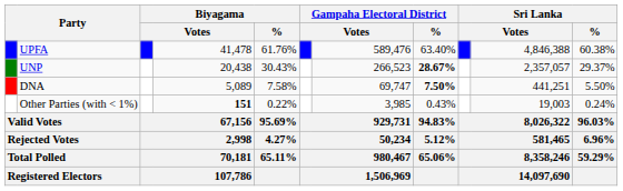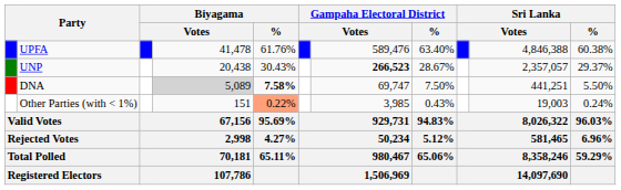 <table class="wikitable">
 <tr>
 <th colspan="2" width="144px"rowspan="2">Party</th>
 <th colspan="3" width="216px">Biyagama</th>
 <th colspan="3" width="216px"><a href='#'>Gampaha Electoral District</a></th>
 <th colspan="3" width="216px">Sri Lanka</th>
 </tr>
 <tr>
 <th colspan="2" width="144px">Votes</th>
 <th>%</th>
 <th colspan="2" width="144px">Votes</th>
 <th>%</th>
 <th colspan="2" width="144px">Votes</th>
 <th>%</th>
 </tr>
 <tr>
 <td style="background-color:blue;" width="10px"></td>
 <td style="text-align:left;"><a href='#'>UPFA</a></td>
 <td style="background-color:blue;" width="10px"></td>
 <td style="text-align:right;">41,478</td>
 <td style="text-align:right;">61.76%</td>
 <td style="background-color:blue;" width="10px"></td>
 <td style="text-align:right;">589,476</td>
 <td style="text-align:right;">63.40%</td>
 <td style="background-color:blue;" width="10px"></td>
 <td style="text-align:right;">4,846,388</td>
 <td style="text-align:right;">60.38%</td>
 </tr>
 <tr>
 <td style="background-color:green;" width="10px"></td>
 <td style="text-align:left;"><a href='#'>UNP</a></td>
 <td style="background-color:white;" width="10px"></td>
 <td style="text-align:right;">20,438</td>
 <td style="text-align:right;">30.43%</td>
 <td style="background-color:white;" width="10px"></td>
-<td style="text-align:right;">266,523</td>
-<td style="text-align:right;"><strong>28.67%</strong></td>
+<td style="text-align:right;"><strong>266,523</strong></td>
+<td style="text-align:right;">28.67%</td>
 <td style="background-color:white;" width="10px"></td>
 <td style="text-align:right;">2,357,057</td>
 <td style="text-align:right;">29.37%</td>
 </tr>
 <tr>
 <td style="background-color:red;" width="10px"></td>
 <td style="text-align:left;">DNA</td>
 <td style="background-color:white;" width="10px"></td>
-<td style="text-align:right;">5,089</td>
-<td style="text-align:right;">7.58%</td>
+<td style="background: lightgrey; text-align:right;">5,089</td>
+<td style="text-align:right;"><strong>7.58%</strong></td>
 <td style="background-color:white;" width="10px"></td>
 <td style="text-align:right;">69,747</td>
-<td style="text-align:right;"><strong>7.50%</strong></td>
+<td style="text-align:right;">7.50%</td>
 <td style="background-color:white;" width="10px"></td>
 <td style="text-align:right;">441,251</td>
 <td style="text-align:right;">5.50%</td>
 </tr>
 <tr>
 <td style="background-color:white;" width="10px"></td>
 <td style="text-align:left;">Other Parties (with < 1%)</td>
 <td style="background-color:white;" width="10px"></td>
-<td style="text-align:right;"><strong>151</strong></td>
-<td style="text-align:right;">0.22%</td>
+<td style="text-align:right;">151</td>
+<td style="background: lightsalmon; text-align:right;">0.22%</td>
 <td style="background-color:white;" width="10px"></td>
 <td style="text-align:right;">3,985</td>
 <td style="text-align:right;">0.43%</td>
 <td style="background-color:white;" width="10px"></td>
 <td style="text-align:right;">19,003</td>
 <td style="text-align:right;">0.24%</td>
 </tr>
 <tr>
 <th colspan="2" width="144px"style="text-align:left;">Valid Votes</th>
 <th style="text-align:right;"colspan="2" width="144px">67,156</th>
 <th style="text-align:right;">95.69%</th>
 <th style="text-align:right;"colspan="2" width="144px">929,731</th>
 <th style="text-align:right;">94.83%</th>
 <th style="text-align:right;"colspan="2" width="144px">8,026,322</th>
 <th style="text-align:right;">96.03%</th>
 </tr>
 <tr>
 <th colspan="2" width="144px"style="text-align:left;">Rejected Votes</th>
 <th style="text-align:right;"colspan="2" width="144px">2,998</th>
 <th style="text-align:right;">4.27%</th>
 <th style="text-align:right;"colspan="2" width="144px">50,234</th>
 <th style="text-align:right;">5.12%</th>
 <th style="text-align:right;"colspan="2" width="144px">581,465</th>
 <th style="text-align:right;">6.96%</th>
 </tr>
 <tr>
 <th colspan="2" width="144px"style="text-align:left;">Total Polled</th>
 <th style="text-align:right;"colspan="2" width="144px">70,181</th>
 <th style="text-align:right;">65.11%</th>
 <th style="text-align:right;"colspan="2" width="144px">980,467</th>
 <th style="text-align:right;">65.06%</th>
 <th style="text-align:right;"colspan="2" width="144px">8,358,246</th>
 <th style="text-align:right;">59.29%</th>
 </tr>
 <tr>
 <th colspan="2" width="144px"style="text-align:left;">Registered Electors</th>
 <th style="text-align:right;"colspan="2" width="144px">107,786</th>
 <th></th>
 <th style="text-align:right;"colspan="2" width="144px">1,506,969</th>
 <th></th>
 <th style="text-align:right;"colspan="2" width="144px">14,097,690</th>
 <th></th>
 </tr>
 </table>
